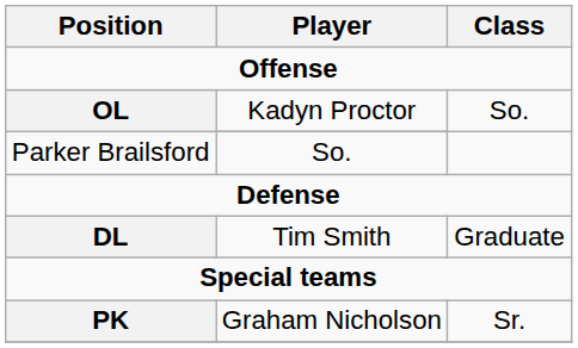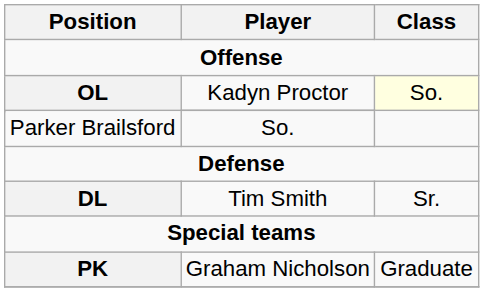 <table class="wikitable">
 <tr>
 <th>Position</th>
 <th>Player</th>
 <th>Class</th>
 </tr>
 <tr>
 <td colspan="4" style="text-align:center; "><strong>Offense</strong></td>
 </tr>
 <tr style="text-align:center;">
 <th rowspan="2">OL</th>
 <td>Kadyn Proctor</td>
-<td>So.</td>
+<td style="background: lightyellow;">So.</td>
 </tr>
 <tr>
 </tr>
 <tr style="text-align:center;">
 <td>Parker Brailsford</td>
 <td>So.</td>
 </tr>
 <tr>
 <td colspan="4" style="text-align:center; "><strong>Defense</strong></td>
 </tr>
 <tr style="text-align:center;">
 <th rowspan="1">DL</th>
 <td>Tim Smith</td>
-<td>Graduate</td>
+<td>Sr.</td>
 </tr>
 <tr>
 <td colspan="4" style="text-align:center; "><strong>Special teams</strong></td>
 </tr>
 <tr style="text-align:center;">
 <th rowspan="1">PK</th>
 <td>Graham Nicholson</td>
-<td>Sr.</td>
+<td>Graduate</td>
 </tr>
 <tr>
 </tr>
 </table>
